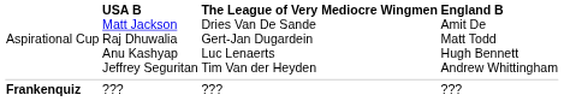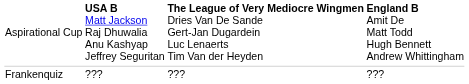 <table>
 <tr>
 <td>Aspirational Cup</td>
 <td> <strong>USA B</strong> <br><a href='#'>Matt Jackson</a> <br>Raj Dhuwalia <br>Anu Kashyap <br>Jeffrey Seguritan</td>
 <td> <strong>The League of Very Mediocre Wingmen</strong> <br>Dries Van De Sande <br>Gert-Jan Dugardein<br>Luc Lenaerts <br>Tim Van der Heyden</td>
 <td> <strong>England B</strong> <br>Amit De <br>Matt Todd <br>Hugh Bennett <br>Andrew Whittingham</td>
 </tr>
 <tr bgcolor=#DDDDDD>
 </tr>
 <tr bgcolor=#DDDDDD>
 <td colspan=5></td>
 </tr>
 <tr>
-<td><strong>Frankenquiz</strong></td>
+<td>Frankenquiz</td>
 <td> ???</td>
 <td> ???</td>
 <td> ???</td>
 </tr>
 <tr bgcolor=#DDDDDD>
 </tr>
 <tr bgcolor=#DDDDDD>
 </tr>
 </table>
